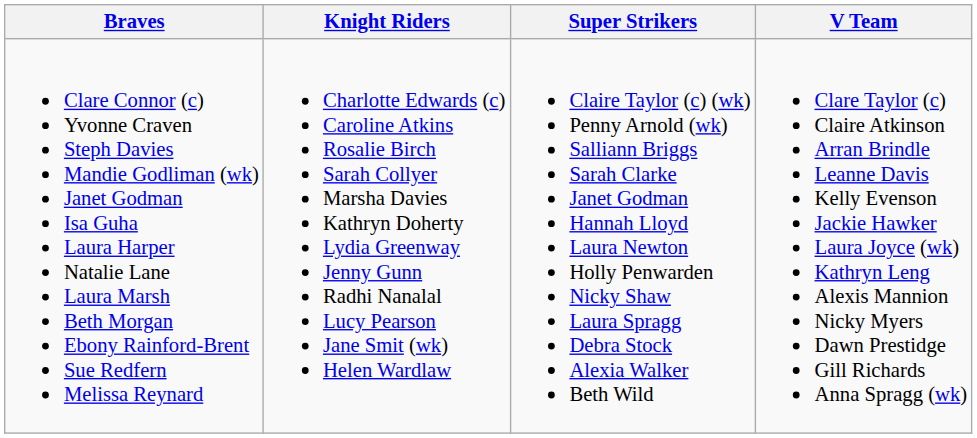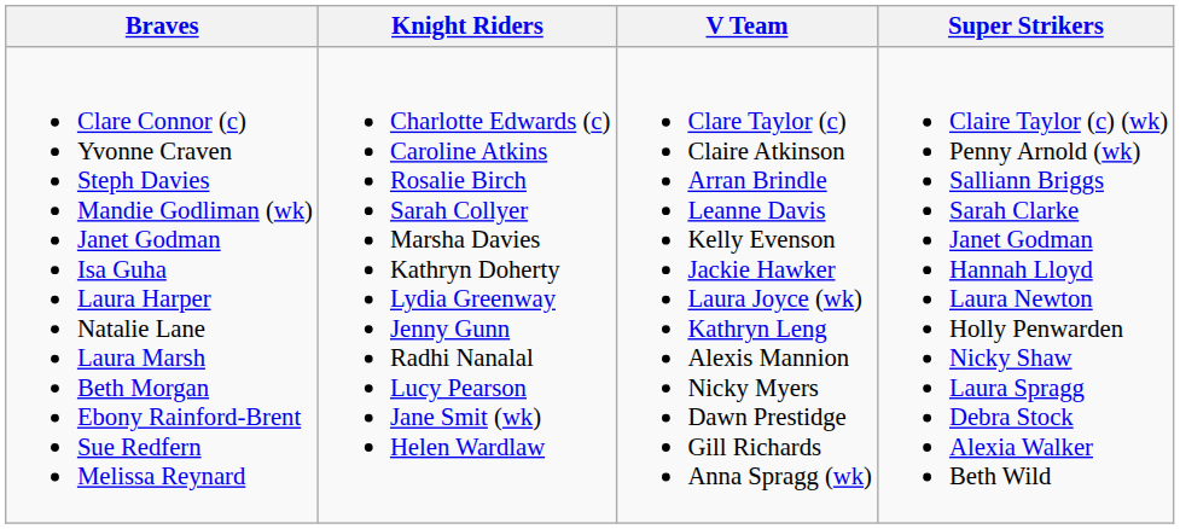 <table class="wikitable" Style="font-size:95%;">
 <tr>
 <th><a href='#'>Braves</a></th>
 <th><a href='#'>Knight Riders</a></th>
+<th><a href='#'>V Team</a></th>
 <th><a href='#'>Super Strikers</a></th>
-<th><a href='#'>V Team</a></th>
 </tr>
 <tr>
 <td valign=top><br><ul><li> <a href='#'>Clare Connor</a> (<a href='#'>c</a>)</li><li> Yvonne Craven</li><li> <a href='#'>Steph Davies</a></li><li> <a href='#'>Mandie Godliman</a> (<a href='#'>wk</a>)</li><li> <a href='#'>Janet Godman</a></li><li> <a href='#'>Isa Guha</a></li><li> <a href='#'>Laura Harper</a></li><li> Natalie Lane</li><li> <a href='#'>Laura Marsh</a></li><li> <a href='#'>Beth Morgan</a></li><li> <a href='#'>Ebony Rainford-Brent</a></li><li> <a href='#'>Sue Redfern</a></li><li> <a href='#'>Melissa Reynard</a></li></ul></td>
 <td valign=top><br><ul><li> <a href='#'>Charlotte Edwards</a> (<a href='#'>c</a>)</li><li> <a href='#'>Caroline Atkins</a></li><li> <a href='#'>Rosalie Birch</a></li><li> <a href='#'>Sarah Collyer</a></li><li> Marsha Davies</li><li> Kathryn Doherty</li><li> <a href='#'>Lydia Greenway</a></li><li> <a href='#'>Jenny Gunn</a></li><li> Radhi Nanalal</li><li> <a href='#'>Lucy Pearson</a></li><li> <a href='#'>Jane Smit</a> (<a href='#'>wk</a>)</li><li> <a href='#'>Helen Wardlaw</a></li></ul></td>
+<td valign=top><br><ul><li> <a href='#'>Clare Taylor</a> (<a href='#'>c</a>)</li><li> Claire Atkinson</li><li> <a href='#'>Arran Brindle</a></li><li> <a href='#'>Leanne Davis</a></li><li> Kelly Evenson</li><li> <a href='#'>Jackie Hawker</a></li><li> <a href='#'>Laura Joyce</a> (<a href='#'>wk</a>)</li><li> <a href='#'>Kathryn Leng</a></li><li> Alexis Mannion</li><li> Nicky Myers</li><li> Dawn Prestidge</li><li> Gill Richards</li><li> Anna Spragg (<a href='#'>wk</a>)</li></ul></td>
 <td valign=top><br><ul><li> <a href='#'>Claire Taylor</a> (<a href='#'>c</a>) (<a href='#'>wk</a>)</li><li> Penny Arnold (<a href='#'>wk</a>)</li><li> <a href='#'>Salliann Briggs</a></li><li> <a href='#'>Sarah Clarke</a></li><li> <a href='#'>Janet Godman</a></li><li> <a href='#'>Hannah Lloyd</a></li><li> <a href='#'>Laura Newton</a></li><li> Holly Penwarden</li><li> <a href='#'>Nicky Shaw</a></li><li> <a href='#'>Laura Spragg</a></li><li> <a href='#'>Debra Stock</a></li><li> <a href='#'>Alexia Walker</a></li><li> Beth Wild</li></ul></td>
-<td valign=top><br><ul><li> <a href='#'>Clare Taylor</a> (<a href='#'>c</a>)</li><li> Claire Atkinson</li><li> <a href='#'>Arran Brindle</a></li><li> <a href='#'>Leanne Davis</a></li><li> Kelly Evenson</li><li> <a href='#'>Jackie Hawker</a></li><li> <a href='#'>Laura Joyce</a> (<a href='#'>wk</a>)</li><li> <a href='#'>Kathryn Leng</a></li><li> Alexis Mannion</li><li> Nicky Myers</li><li> Dawn Prestidge</li><li> Gill Richards</li><li> Anna Spragg (<a href='#'>wk</a>)</li></ul></td>
 </tr>
 </table>
